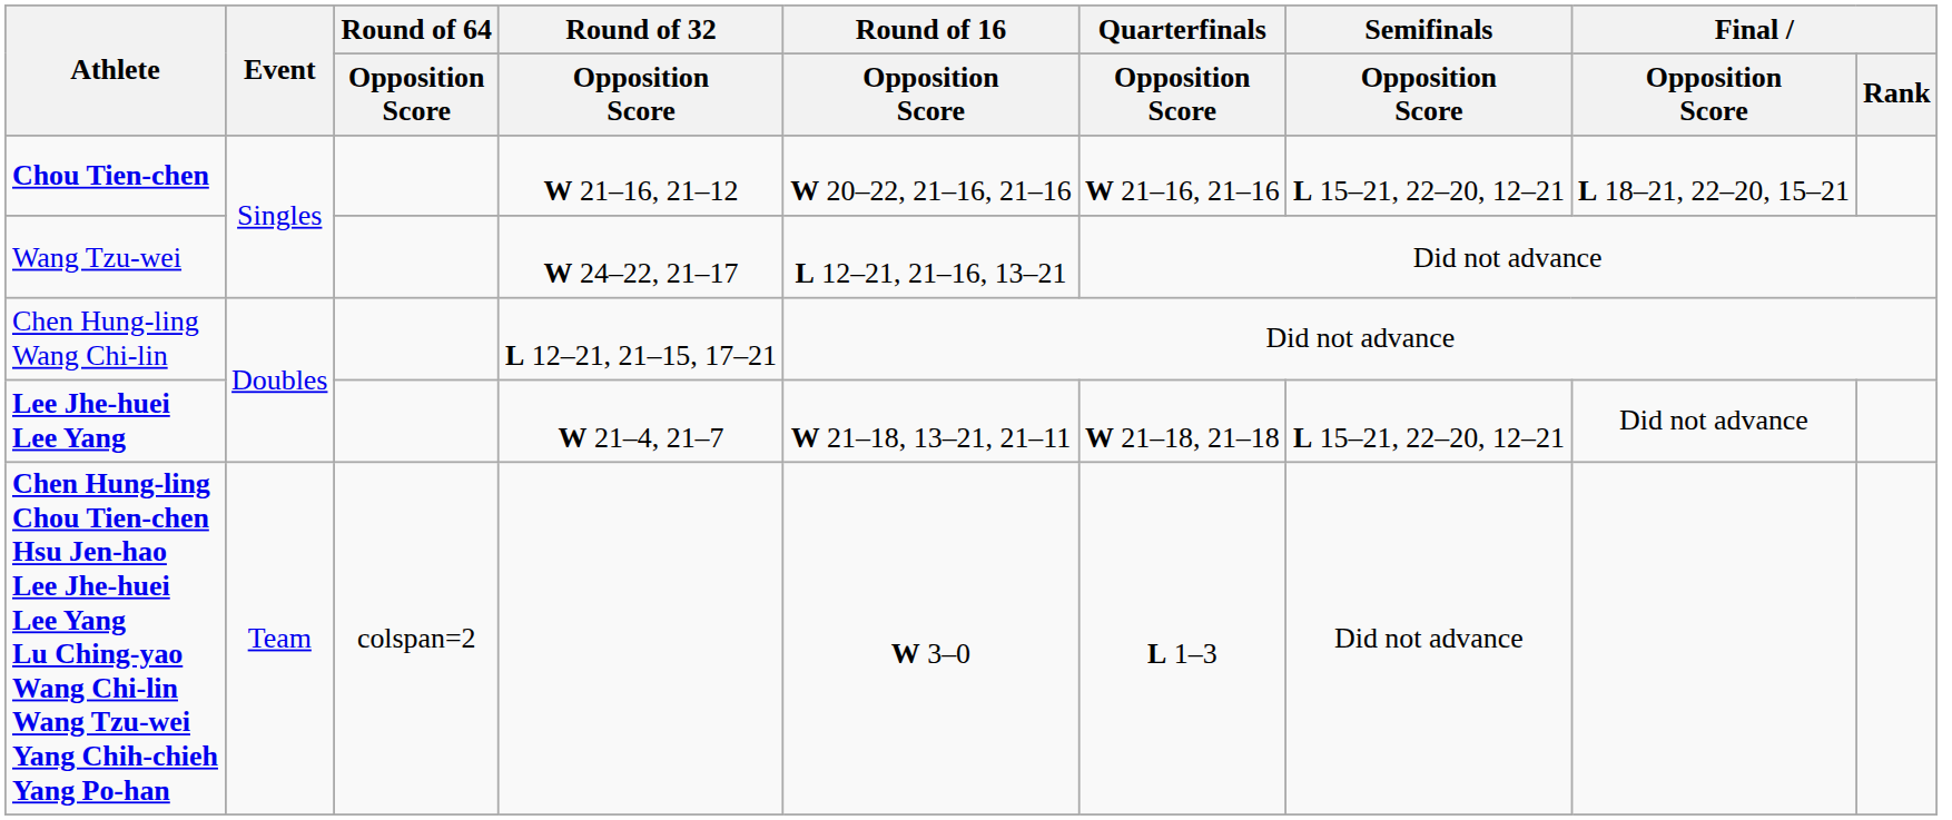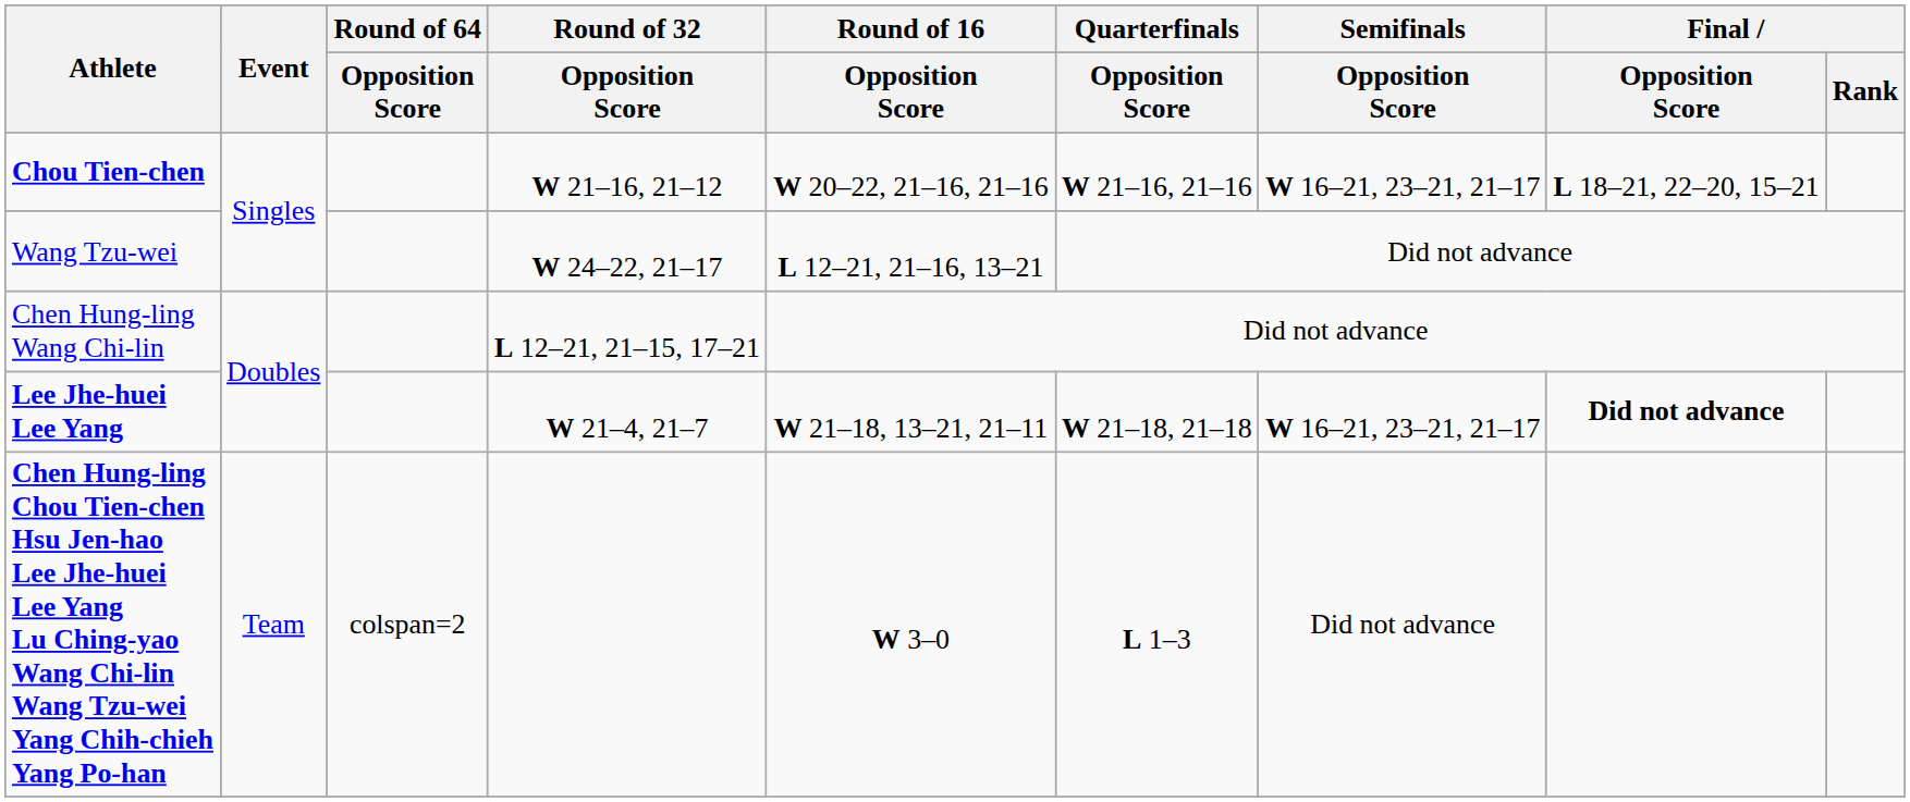 <table class=wikitable style=font-size:90%;text-align:center>
 <tr>
 <th rowspan="2">Athlete</th>
 <th rowspan="2">Event</th>
 <th>Round of 64</th>
 <th>Round of 32</th>
 <th>Round of 16</th>
 <th>Quarterfinals</th>
 <th>Semifinals</th>
 <th colspan="2">Final / </th>
 </tr>
 <tr>
 <th>Opposition<br>Score</th>
 <th>Opposition<br>Score</th>
 <th>Opposition<br>Score</th>
 <th>Opposition<br>Score</th>
 <th>Opposition<br>Score</th>
 <th>Opposition<br>Score</th>
 <th>Rank</th>
 </tr>
 <tr>
 <td align=left><strong><a href='#'>Chou Tien-chen</a></strong></td>
 <td align=center rowspan=2><a href='#'>Singles</a></td>
 <td></td>
 <td><br><strong>W</strong> 21–16, 21–12</td>
 <td><br><strong>W</strong> 20–22, 21–16, 21–16</td>
 <td><br><strong>W</strong> 21–16, 21–16</td>
-<td><br><strong>L</strong> 15–21, 22–20, 12–21</td>
+<td><br><strong>W</strong> 16–21, 23–21, 21–17</td>
 <td><br><strong>L</strong> 18–21, 22–20, 15–21</td>
 <td></td>
 </tr>
 <tr>
 <td align=left><a href='#'>Wang Tzu-wei</a></td>
 <td></td>
 <td><br><strong>W</strong> 24–22, 21–17</td>
 <td><br><strong>L</strong> 12–21, 21–16, 13–21</td>
 <td colspan="4">Did not advance</td>
 </tr>
 <tr>
 <td align=left><a href='#'>Chen Hung-ling</a> <br> <a href='#'>Wang Chi-lin</a></td>
 <td align=center rowspan=2><a href='#'>Doubles</a></td>
 <td></td>
 <td><br><strong>L</strong> 12–21, 21–15, 17–21</td>
 <td colspan="5">Did not advance</td>
 </tr>
 <tr>
 <td align=left><strong><a href='#'>Lee Jhe-huei</a> <br> <a href='#'>Lee Yang</a></strong></td>
 <td></td>
 <td><br><strong>W</strong> 21–4, 21–7</td>
 <td><br><strong>W</strong> 21–18, 13–21, 21–11</td>
 <td><br><strong>W</strong> 21–18, 21–18</td>
-<td><br><strong>L</strong> 15–21, 22–20, 12–21</td>
-<td>Did not advance</td>
+<td><br><strong>W</strong> 16–21, 23–21, 21–17</td>
+<td><strong>Did not advance</strong></td>
 <td></td>
 </tr>
 <tr>
 <td align=left><strong><a href='#'>Chen Hung-ling</a> <br> <a href='#'>Chou Tien-chen</a> <br> <a href='#'>Hsu Jen-hao</a> <br> <a href='#'>Lee Jhe-huei</a> <br> <a href='#'>Lee Yang</a> <br> <a href='#'>Lu Ching-yao</a> <br> <a href='#'>Wang Chi-lin</a> <br> <a href='#'>Wang Tzu-wei</a> <br> <a href='#'>Yang Chih-chieh</a> <br> <a href='#'>Yang Po-han</a></strong></td>
 <td align=center><a href='#'>Team</a></td>
 <td>colspan=2 </td>
 <td></td>
 <td><br><strong>W</strong> 3–0</td>
 <td><br><strong>L</strong> 1–3</td>
 <td>Did not advance</td>
 <td></td>
 </tr>
 </table>
